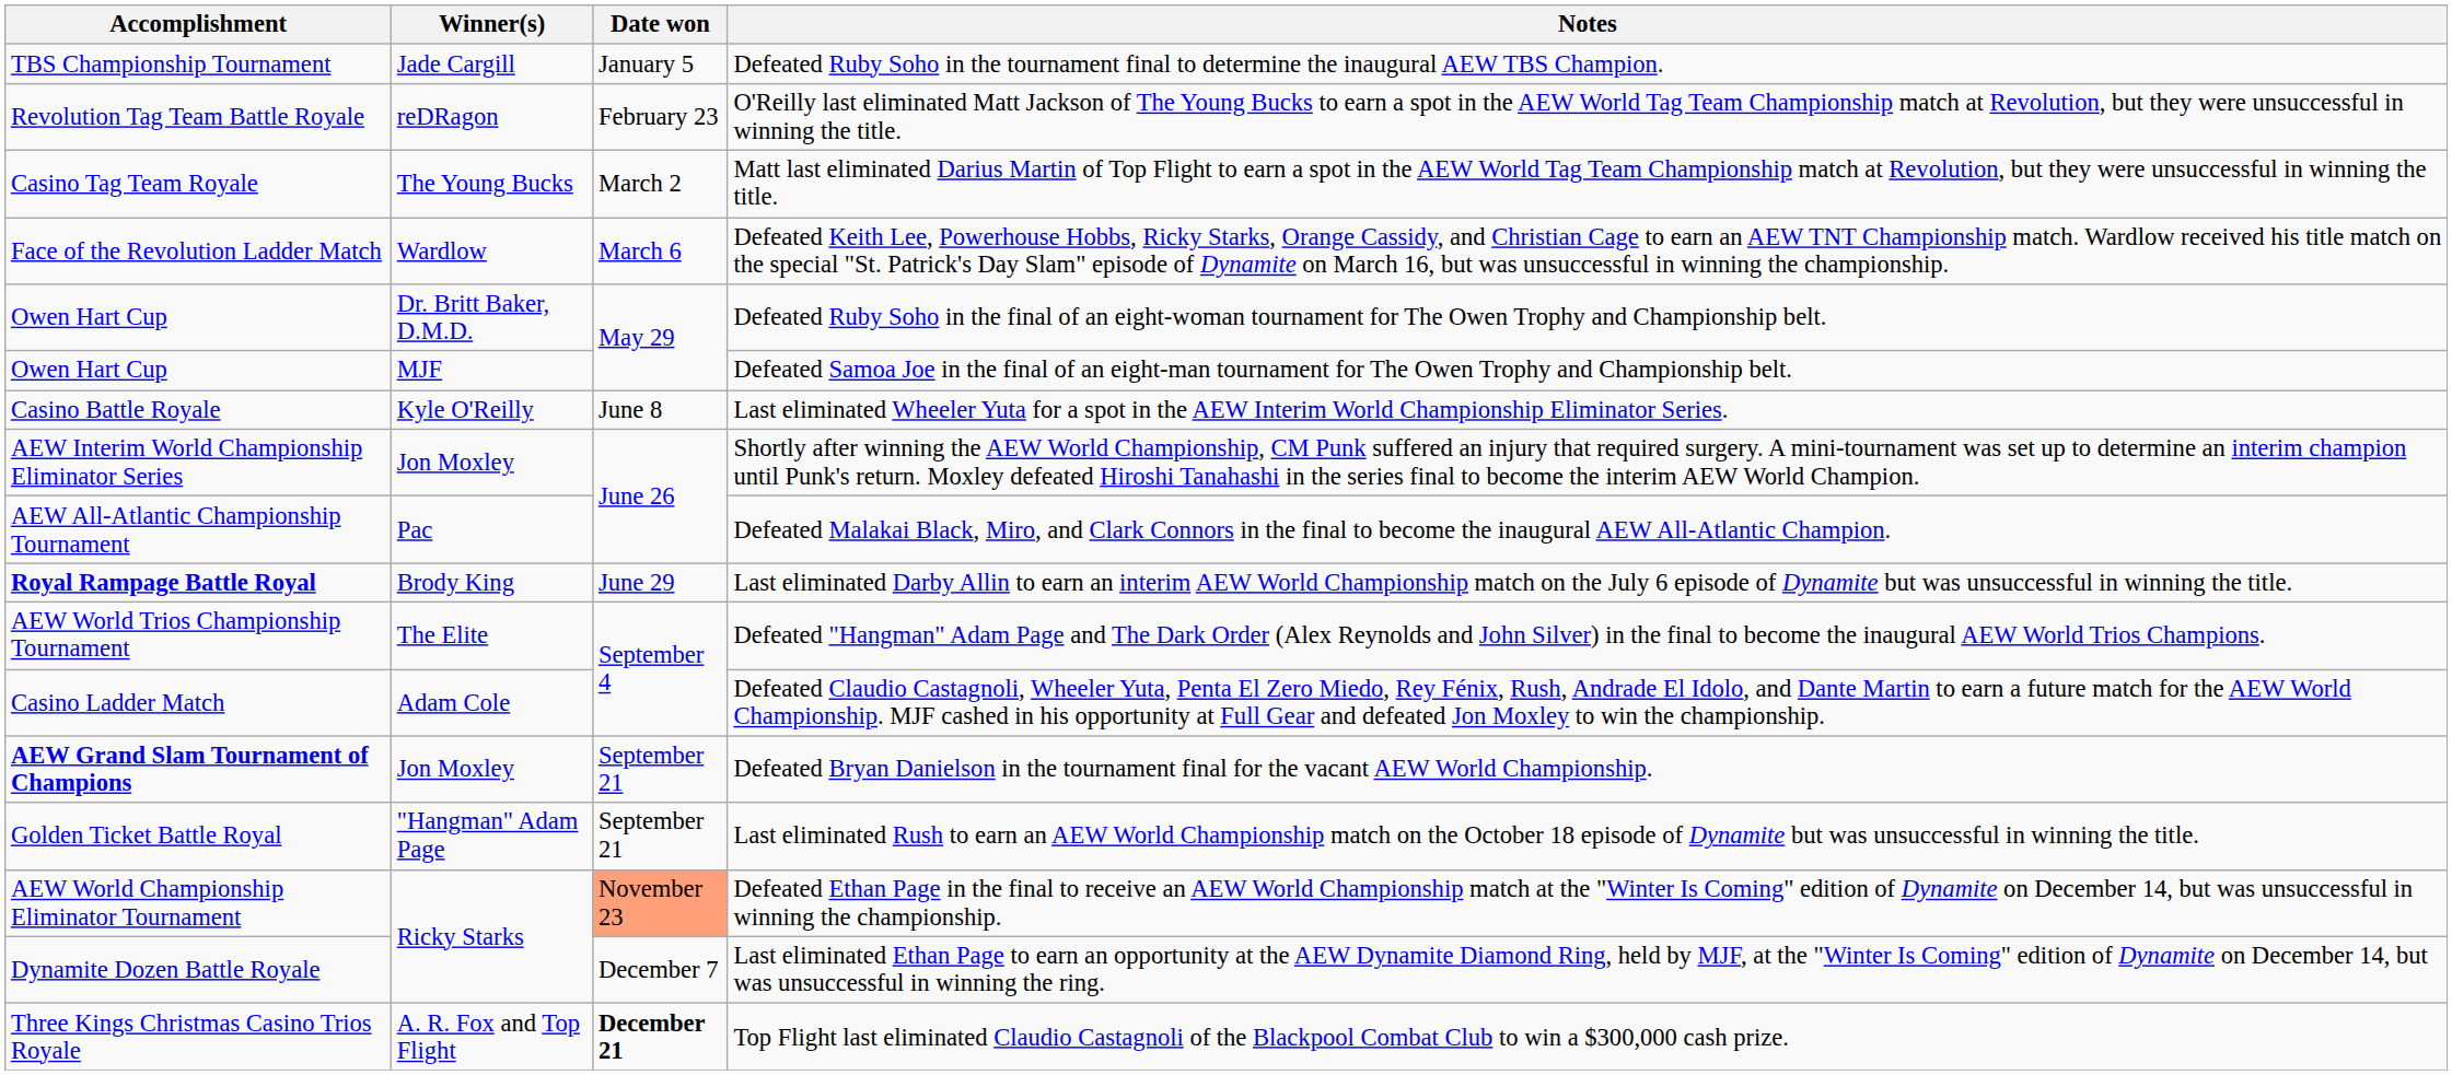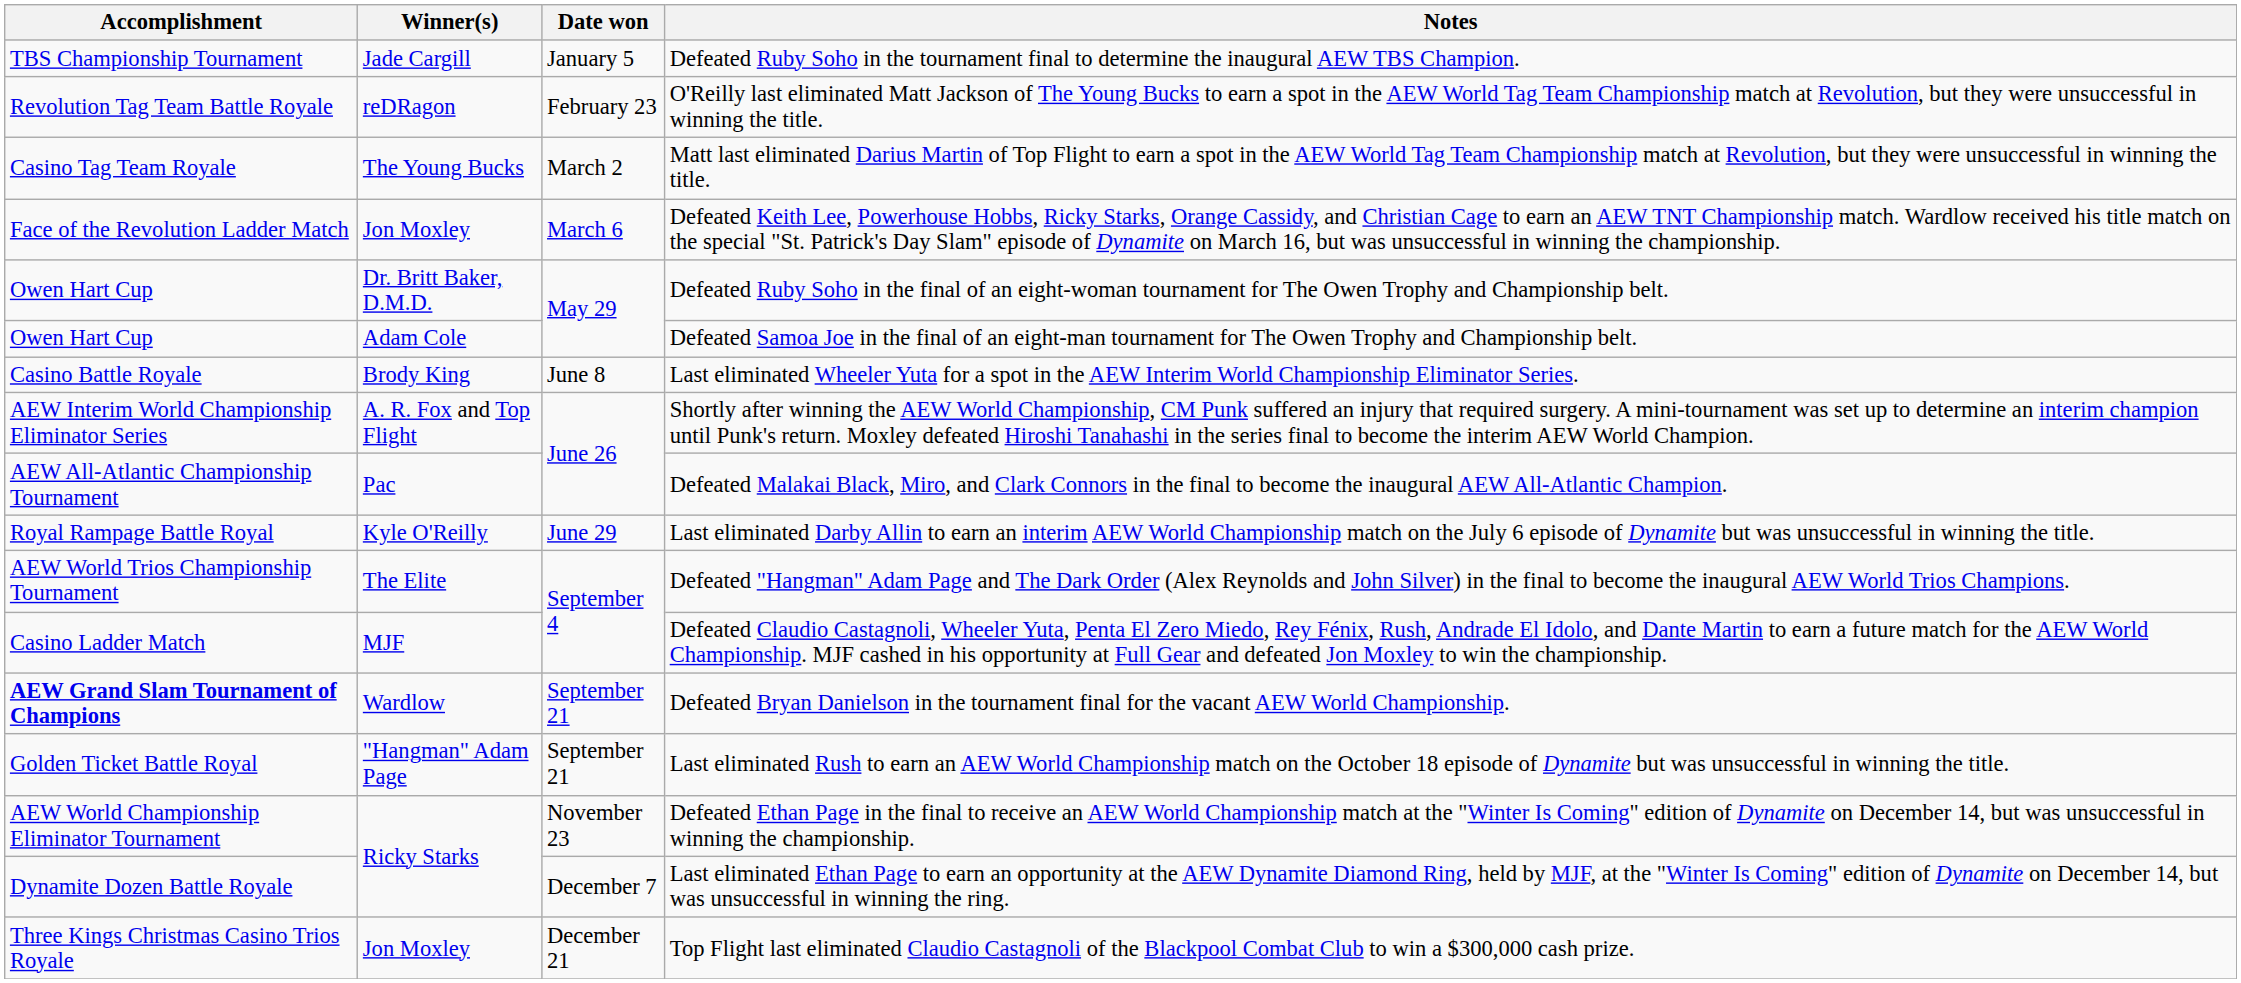 <table class="wikitable" style="width:100%;">
 <tr>
 <th>Accomplishment</th>
 <th>Winner(s)</th>
 <th>Date won</th>
 <th>Notes</th>
 </tr>
 <tr>
 <td><a href='#'>TBS Championship Tournament</a></td>
 <td><a href='#'>Jade Cargill</a></td>
 <td>January 5</td>
 <td>Defeated <a href='#'>Ruby Soho</a> in the tournament final to determine the inaugural <a href='#'>AEW TBS Champion</a>.</td>
 </tr>
 <tr>
 <td><a href='#'>Revolution Tag Team Battle Royale</a></td>
 <td><a href='#'>reDRagon</a><br></td>
 <td>February 23</td>
 <td>O'Reilly last eliminated Matt Jackson of <a href='#'>The Young Bucks</a> to earn a spot in the <a href='#'>AEW World Tag Team Championship</a> match at <a href='#'>Revolution</a>, but they were unsuccessful in winning the title.</td>
 </tr>
 <tr>
 <td><a href='#'>Casino Tag Team Royale</a></td>
 <td><a href='#'>The Young Bucks</a><br></td>
 <td>March 2</td>
 <td>Matt last eliminated <a href='#'>Darius Martin</a> of Top Flight to earn a spot in the <a href='#'>AEW World Tag Team Championship</a> match at <a href='#'>Revolution</a>, but they were unsuccessful in winning the title.</td>
 </tr>
 <tr>
 <td><a href='#'>Face of the Revolution Ladder Match</a></td>
-<td><a href='#'>Wardlow</a></td>
+<td><a href='#'>Jon Moxley</a></td>
 <td><a href='#'>March 6</a></td>
 <td>Defeated <a href='#'>Keith Lee</a>, <a href='#'>Powerhouse Hobbs</a>, <a href='#'>Ricky Starks</a>, <a href='#'>Orange Cassidy</a>, and <a href='#'>Christian Cage</a> to earn an <a href='#'>AEW TNT Championship</a> match. Wardlow received his title match on the special "St. Patrick's Day Slam" episode of <em><a href='#'>Dynamite</a></em> on March 16, but was unsuccessful in winning the championship.</td>
 </tr>
 <tr>
 <td><a href='#'>Owen Hart Cup</a><br></td>
 <td><a href='#'>Dr. Britt Baker, D.M.D.</a></td>
 <td rowspan=2><a href='#'>May 29</a></td>
 <td>Defeated <a href='#'>Ruby Soho</a> in the final of an eight-woman tournament for The Owen Trophy and Championship belt.</td>
 </tr>
 <tr>
 <td><a href='#'>Owen Hart Cup</a><br></td>
-<td><a href='#'>MJF</a></td>
+<td><a href='#'>Adam Cole</a></td>
 <td>Defeated <a href='#'>Samoa Joe</a> in the final of an eight-man tournament for The Owen Trophy and Championship belt.</td>
 </tr>
 <tr>
 <td><a href='#'>Casino Battle Royale</a><br></td>
-<td><a href='#'>Kyle O'Reilly</a></td>
+<td><a href='#'>Brody King</a></td>
 <td>June 8</td>
 <td>Last eliminated <a href='#'>Wheeler Yuta</a> for a spot in the <a href='#'>AEW Interim World Championship Eliminator Series</a>.</td>
 </tr>
 <tr>
 <td><a href='#'>AEW Interim World Championship Eliminator Series</a></td>
-<td><a href='#'>Jon Moxley</a></td>
+<td><a href='#'>A. R. Fox</a> and <a href='#'>Top Flight</a><br></td>
 <td rowspan=2><a href='#'>June 26</a></td>
 <td>Shortly after winning the <a href='#'>AEW World Championship</a>, <a href='#'>CM Punk</a> suffered an injury that required surgery. A mini-tournament was set up to determine an <a href='#'>interim champion</a> until Punk's return. Moxley defeated <a href='#'>Hiroshi Tanahashi</a> in the series final to become the interim AEW World Champion.</td>
 </tr>
 <tr>
 <td><a href='#'>AEW All-Atlantic Championship Tournament</a></td>
 <td><a href='#'>Pac</a></td>
 <td>Defeated <a href='#'>Malakai Black</a>, <a href='#'>Miro</a>, and <a href='#'>Clark Connors</a> in the final to become the inaugural <a href='#'>AEW All-Atlantic Champion</a>.</td>
 </tr>
 <tr>
-<td><strong><a href='#'>Royal Rampage Battle Royal</a></strong></td>
-<td><a href='#'>Brody King</a></td>
+<td><a href='#'>Royal Rampage Battle Royal</a></td>
+<td><a href='#'>Kyle O'Reilly</a></td>
 <td><a href='#'>June 29</a><br></td>
 <td>Last eliminated <a href='#'>Darby Allin</a> to earn an <a href='#'>interim</a> <a href='#'>AEW World Championship</a> match on the July 6 episode of <em><a href='#'>Dynamite</a></em> but was unsuccessful in winning the title.</td>
 </tr>
 <tr>
 <td><a href='#'>AEW World Trios Championship Tournament</a></td>
 <td><a href='#'>The Elite</a><br></td>
 <td rowspan=2><a href='#'>September 4</a></td>
 <td>Defeated <a href='#'>"Hangman" Adam Page</a> and <a href='#'>The Dark Order</a> (Alex Reynolds and <a href='#'>John Silver</a>) in the final to become the inaugural <a href='#'>AEW World Trios Champions</a>.</td>
 </tr>
 <tr>
 <td><a href='#'>Casino Ladder Match</a></td>
-<td><a href='#'>Adam Cole</a></td>
+<td><a href='#'>MJF</a></td>
 <td>Defeated <a href='#'>Claudio Castagnoli</a>, <a href='#'>Wheeler Yuta</a>, <a href='#'>Penta El Zero Miedo</a>, <a href='#'>Rey Fénix</a>, <a href='#'>Rush</a>, <a href='#'>Andrade El Idolo</a>, and <a href='#'>Dante Martin</a> to earn a future match for the <a href='#'>AEW World Championship</a>. MJF cashed in his opportunity at <a href='#'>Full Gear</a> and defeated <a href='#'>Jon Moxley</a> to win the championship.</td>
 </tr>
 <tr>
 <td><strong><a href='#'>AEW Grand Slam Tournament of Champions</a></strong></td>
-<td><a href='#'>Jon Moxley</a></td>
+<td><a href='#'>Wardlow</a></td>
 <td><a href='#'>September 21</a></td>
 <td>Defeated <a href='#'>Bryan Danielson</a> in the tournament final for the vacant <a href='#'>AEW World Championship</a>.</td>
 </tr>
 <tr>
 <td><a href='#'>Golden Ticket Battle Royal</a></td>
 <td><a href='#'>"Hangman" Adam Page</a></td>
 <td>September 21<br></td>
 <td>Last eliminated <a href='#'>Rush</a> to earn an <a href='#'>AEW World Championship</a> match on the October 18 episode of <em><a href='#'>Dynamite</a></em> but was unsuccessful in winning the title.</td>
 </tr>
 <tr>
 <td><a href='#'>AEW World Championship Eliminator Tournament</a></td>
 <td rowspan=2><a href='#'>Ricky Starks</a></td>
-<td style="background: lightsalmon;">November 23</td>
+<td>November 23</td>
 <td>Defeated <a href='#'>Ethan Page</a> in the final to receive an <a href='#'>AEW World Championship</a> match at the "<a href='#'>Winter Is Coming</a>" edition of <em><a href='#'>Dynamite</a></em> on December 14, but was unsuccessful in winning the championship.</td>
 </tr>
 <tr>
 <td><a href='#'>Dynamite Dozen Battle Royale</a></td>
 <td>December 7</td>
 <td>Last eliminated <a href='#'>Ethan Page</a> to earn an opportunity at the <a href='#'>AEW Dynamite Diamond Ring</a>, held by <a href='#'>MJF</a>, at the "<a href='#'>Winter Is Coming</a>" edition of <em><a href='#'>Dynamite</a></em> on December 14, but was unsuccessful in winning the ring.</td>
 </tr>
 <tr>
 <td><a href='#'>Three Kings Christmas Casino Trios Royale</a></td>
-<td><a href='#'>A. R. Fox</a> and <a href='#'>Top Flight</a><br></td>
-<td><strong>December 21<br></strong></td>
+<td><a href='#'>Jon Moxley</a></td>
+<td>December 21<br></td>
 <td>Top Flight last eliminated <a href='#'>Claudio Castagnoli</a> of the <a href='#'>Blackpool Combat Club</a> to win a $300,000 cash prize.</td>
 </tr>
 </table>
